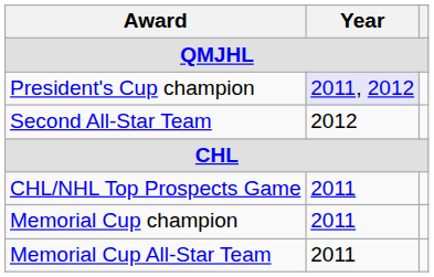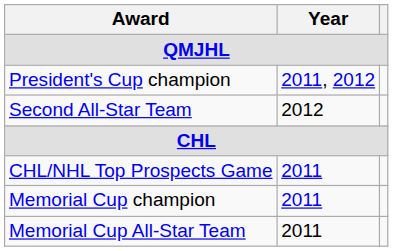 <table class="wikitable">
 <tr>
 <th>Award</th>
 <th>Year</th>
 <th></th>
 </tr>
 <tr ALIGN="center" bgcolor="#e0e0e0">
 <td colspan="3"><strong><a href='#'>QMJHL</a></strong></td>
 </tr>
 <tr>
 <td><a href='#'>President's Cup</a> champion</td>
-<td style="background: lavender;"><a href='#'>2011</a>, <a href='#'>2012</a></td>
+<td><a href='#'>2011</a>, <a href='#'>2012</a></td>
 <td></td>
 </tr>
 <tr>
 <td><a href='#'>Second All-Star Team</a></td>
 <td>2012</td>
 <td></td>
 </tr>
 <tr ALIGN="center" bgcolor="#e0e0e0">
 <td colspan="3"><strong><a href='#'>CHL</a></strong></td>
 </tr>
 <tr>
 <td><a href='#'>CHL/NHL Top Prospects Game</a></td>
 <td><a href='#'>2011</a></td>
 <td></td>
 </tr>
 <tr>
 <td><a href='#'>Memorial Cup</a> champion</td>
 <td><a href='#'>2011</a></td>
 <td></td>
 </tr>
 <tr>
 <td><a href='#'>Memorial Cup All-Star Team</a></td>
 <td>2011</td>
 <td></td>
 </tr>
 </table>
